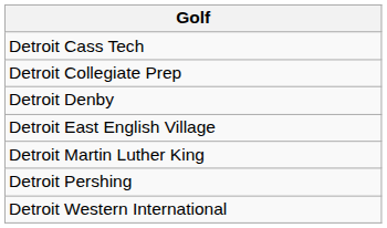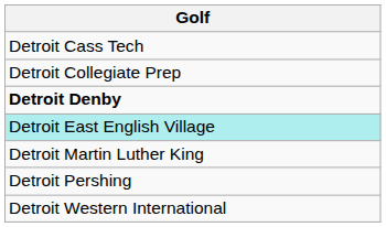 <table class="wikitable collapsible collapsed" style="width:22em">
 <tr>
 <th align=center>Golf</th>
 </tr>
 <tr>
 <td>Detroit Cass Tech</td>
 </tr>
 <tr>
 <td>Detroit Collegiate Prep</td>
 </tr>
 <tr>
-<td>Detroit Denby</td>
+<td><strong>Detroit Denby</strong></td>
 </tr>
 <tr>
-<td>Detroit East English Village</td>
+<td style="background: paleturquoise;">Detroit East English Village</td>
 </tr>
 <tr>
 <td>Detroit Martin Luther King</td>
 </tr>
 <tr>
 <td>Detroit Pershing</td>
 </tr>
 <tr>
 <td>Detroit Western International</td>
 </tr>
 </table>
